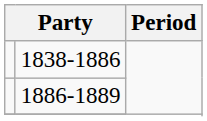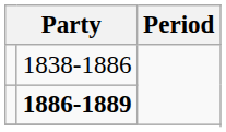 <table class="wikitable">
 <tr>
 <th colspan="2">Party</th>
 <th>Period</th>
 </tr>
 <tr>
 <td></td>
 <td>1838-1886</td>
 </tr>
 <tr>
 <td></td>
-<td>1886-1889</td>
+<td><strong>1886-1889</strong></td>
 </tr>
 <tr>
 </tr>
 </table>
